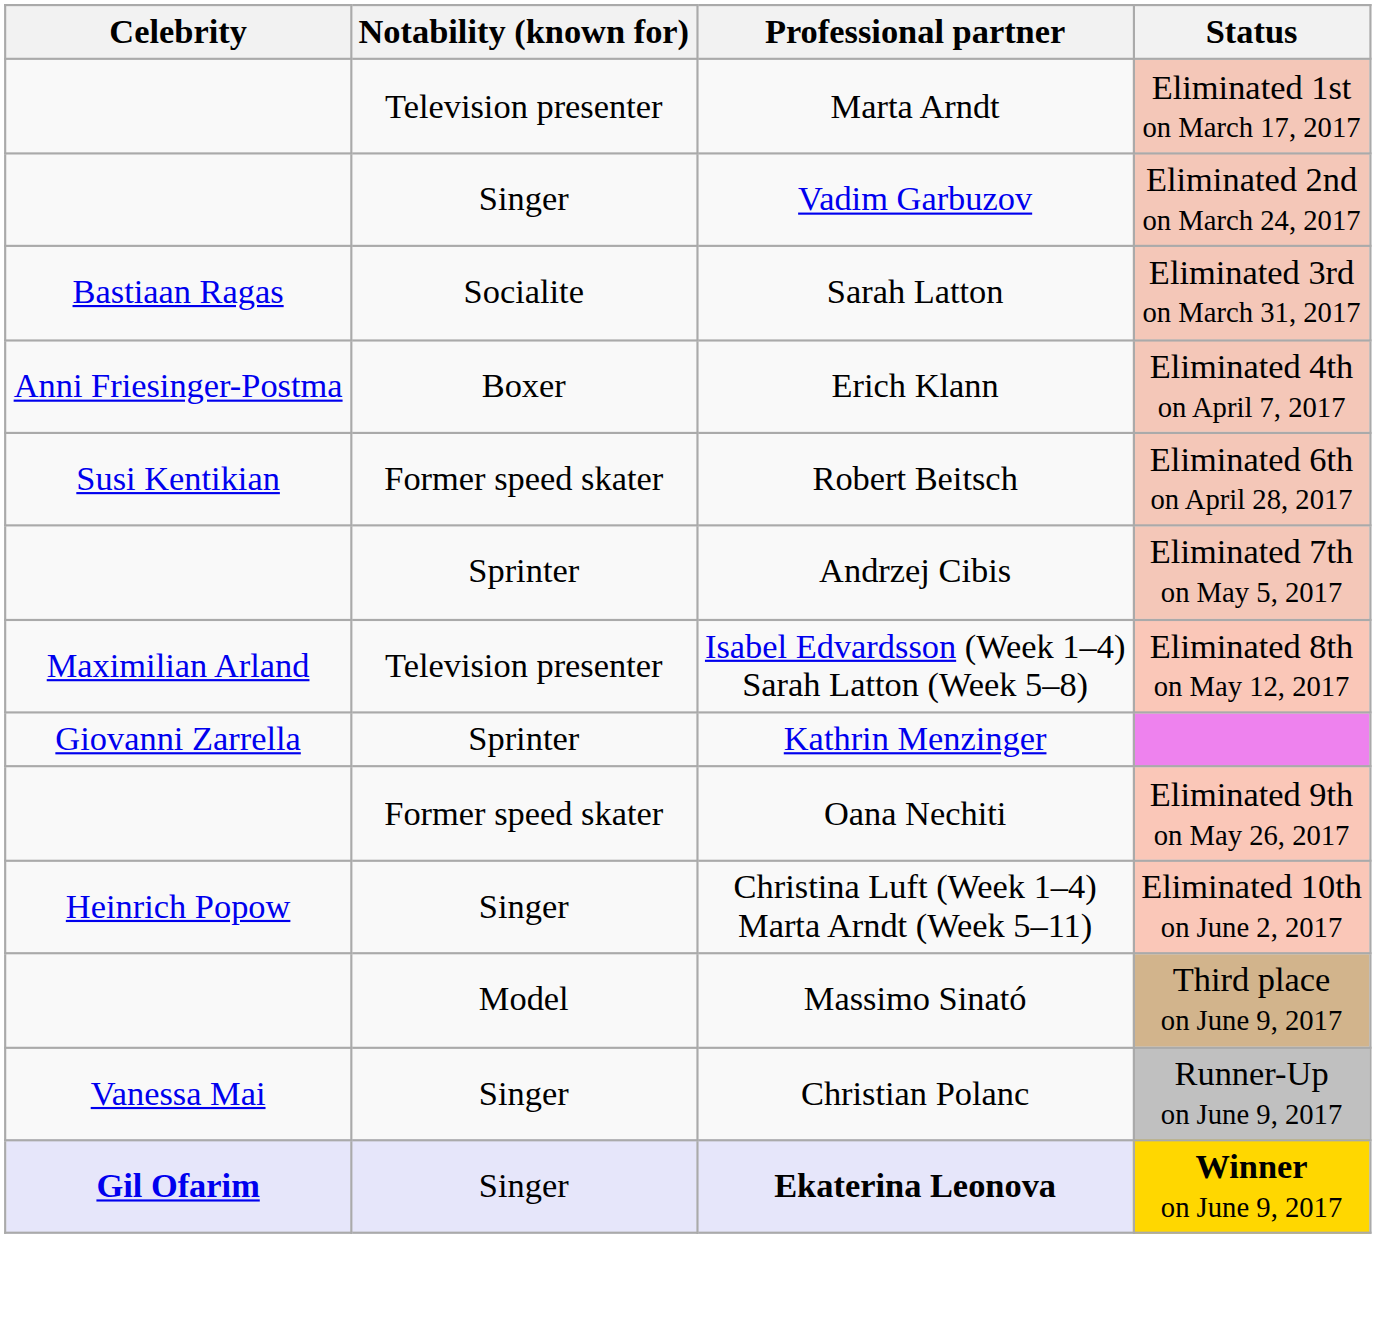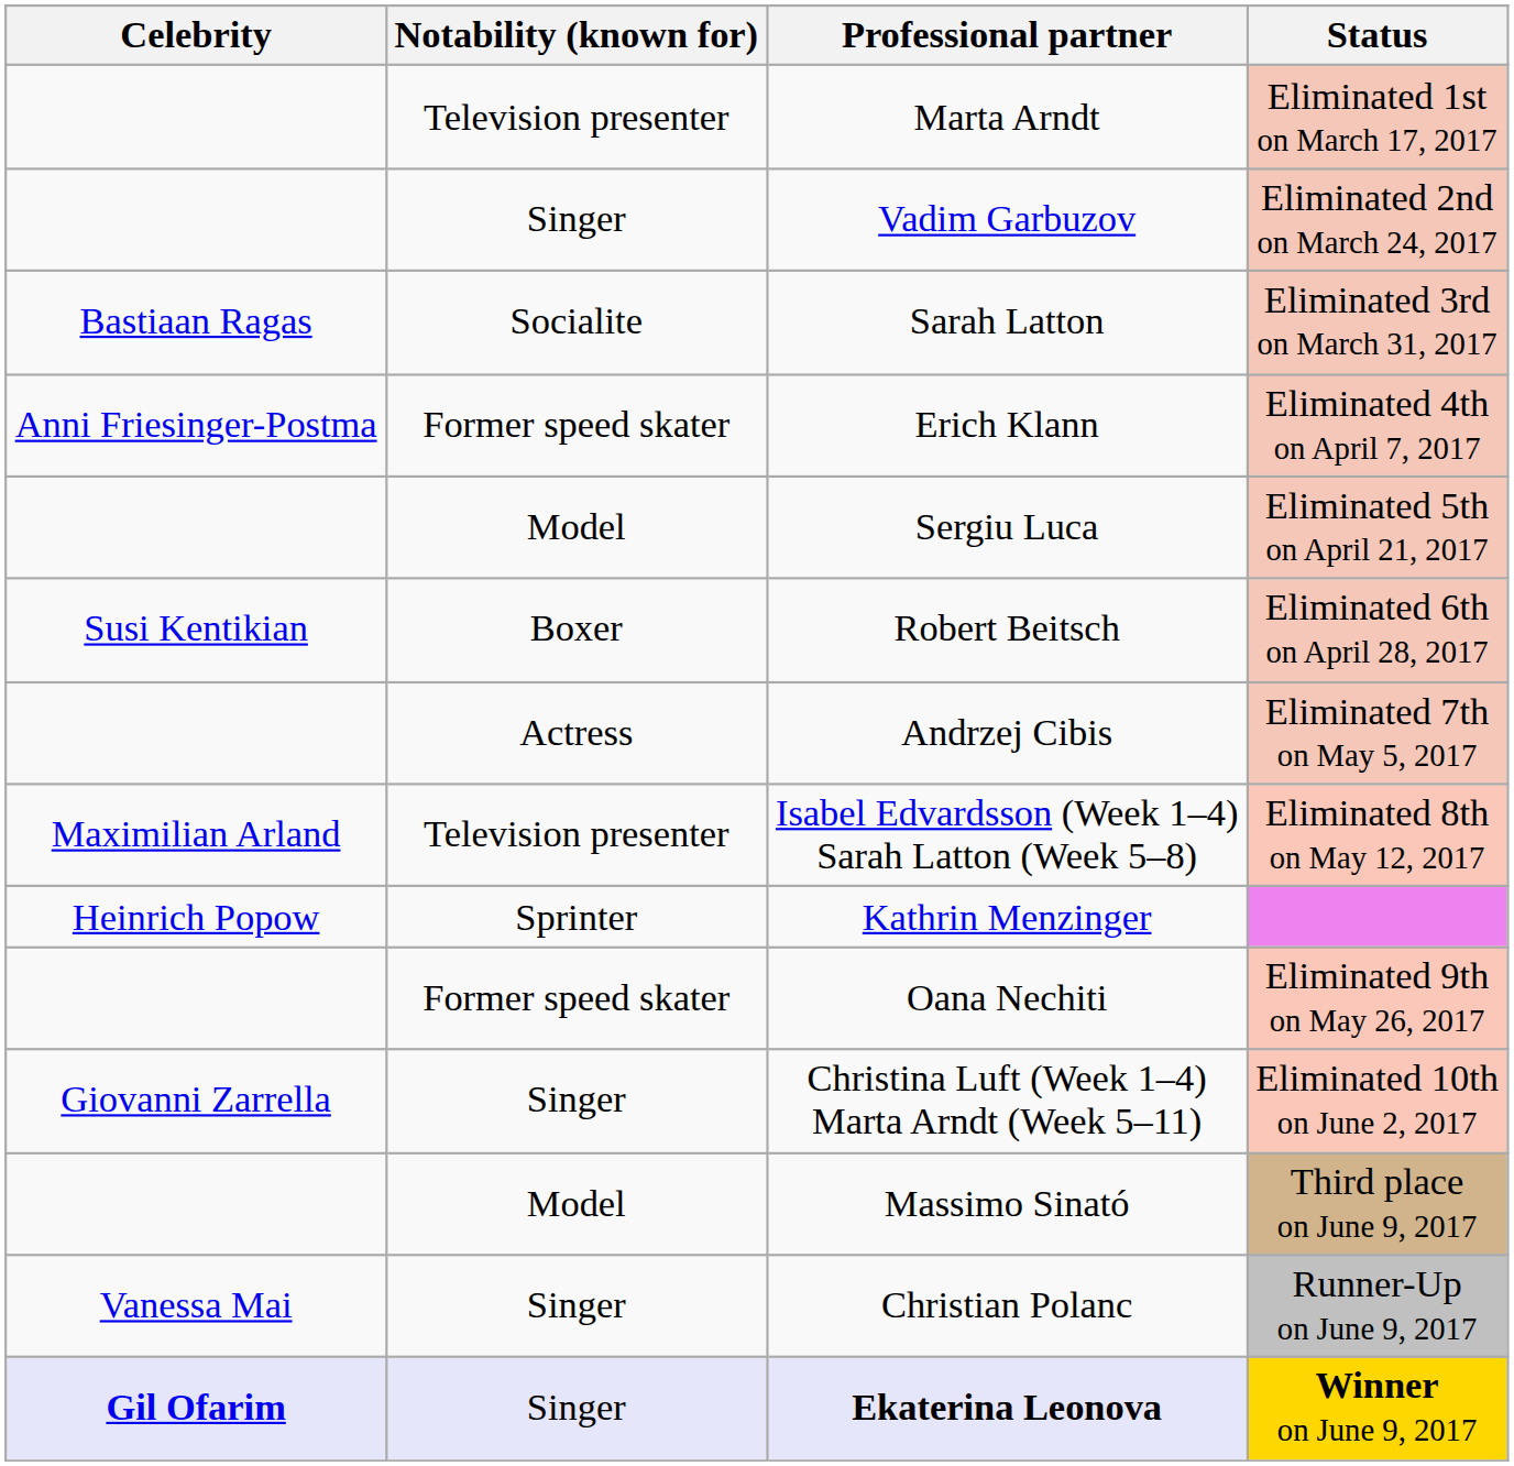 <table class= "wikitable sortable" style="text-align: center; margin:auto; align: center">
 <tr>
 <th>Celebrity</th>
 <th>Notability (known for)</th>
 <th>Professional partner</th>
 <th>Status</th>
 </tr>
 <tr>
 <td></td>
 <td>Television presenter</td>
 <td>Marta Arndt</td>
 <td bgcolor="#F4C7B8">Eliminated 1st<br><small>on March 17, 2017</small></td>
 </tr>
 <tr>
 <td></td>
 <td>Singer</td>
 <td><a href='#'>Vadim Garbuzov</a></td>
 <td bgcolor="#F4C7B8">Eliminated 2nd<br><small>on March 24, 2017</small></td>
 </tr>
 <tr>
 <td><a href='#'>Bastiaan Ragas</a></td>
 <td>Socialite</td>
 <td>Sarah Latton</td>
 <td bgcolor="#F4C7B8">Eliminated 3rd<br><small>on March 31, 2017</small></td>
 </tr>
 <tr>
 <td><a href='#'>Anni Friesinger-Postma</a></td>
-<td>Boxer</td>
+<td>Former speed skater</td>
 <td>Erich Klann</td>
 <td bgcolor="#F4C7B8">Eliminated 4th<br><small>on April 7, 2017</small></td>
 </tr>
 <tr>
+<td></td>
+<td>Model</td>
+<td>Sergiu Luca</td>
+<td bgcolor="#F4C7B8">Eliminated 5th<br><small>on April 21, 2017</small></td>
+</tr>
+<tr>
 <td><a href='#'>Susi Kentikian</a></td>
-<td>Former speed skater</td>
+<td>Boxer</td>
 <td>Robert Beitsch</td>
 <td bgcolor="#F4C7B8">Eliminated 6th<br><small>on April 28, 2017</small></td>
 </tr>
 <tr>
 <td></td>
-<td>Sprinter</td>
+<td>Actress</td>
 <td>Andrzej Cibis</td>
 <td bgcolor="#F4C7B8">Eliminated 7th<br><small>on May 5, 2017</small></td>
 </tr>
 <tr>
 <td><a href='#'>Maximilian Arland</a></td>
 <td>Television presenter</td>
 <td><a href='#'>Isabel Edvardsson</a> (Week 1–4)<br>Sarah Latton (Week 5–8)</td>
 <td bgcolor="#FAC7B8">Eliminated 8th <br><small>on May 12, 2017 </small></td>
 </tr>
 <tr>
-<td><a href='#'>Giovanni Zarrella</a></td>
+<td><a href='#'>Heinrich Popow</a></td>
 <td>Sprinter</td>
 <td><a href='#'>Kathrin Menzinger</a></td>
 <td bgcolor="violet"></td>
 </tr>
 <tr>
 <td></td>
 <td>Former speed skater</td>
 <td>Oana Nechiti</td>
 <td bgcolor="#FAC7B8">Eliminated 9th <br><small>on May 26, 2017 </small></td>
 </tr>
 <tr>
-<td><a href='#'>Heinrich Popow</a></td>
+<td><a href='#'>Giovanni Zarrella</a></td>
 <td>Singer</td>
 <td>Christina Luft (Week 1–4)<br>Marta Arndt (Week 5–11)</td>
 <td bgcolor="#FAC7B8">Eliminated 10th <br><small>on June 2, 2017 </small></td>
 </tr>
 <tr>
 <td></td>
 <td>Model</td>
 <td>Massimo Sinató</td>
 <td bgcolor="tan">Third place<br><small>on June 9, 2017</small></td>
 </tr>
 <tr>
 <td><a href='#'>Vanessa Mai</a></td>
 <td>Singer</td>
 <td>Christian Polanc</td>
 <td bgcolor="silver">Runner-Up<br><small>on June 9, 2017</small></td>
 </tr>
 <tr>
 <td bgcolor="lavender"><strong><a href='#'>Gil Ofarim</a></strong></td>
 <td bgcolor="lavender">Singer</td>
 <td bgcolor="lavender"><strong>Ekaterina Leonova</strong></td>
 <td bgcolor="gold"><strong>Winner</strong><br><small>on June 9, 2017</small></td>
 </tr>
 </table>
